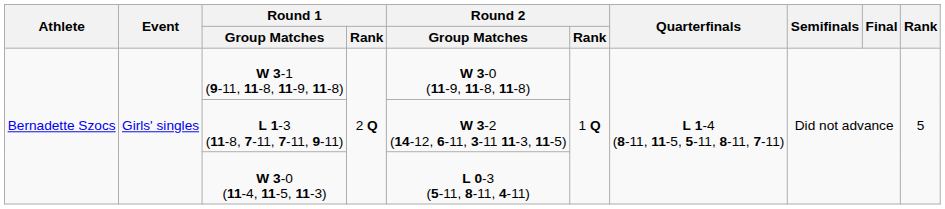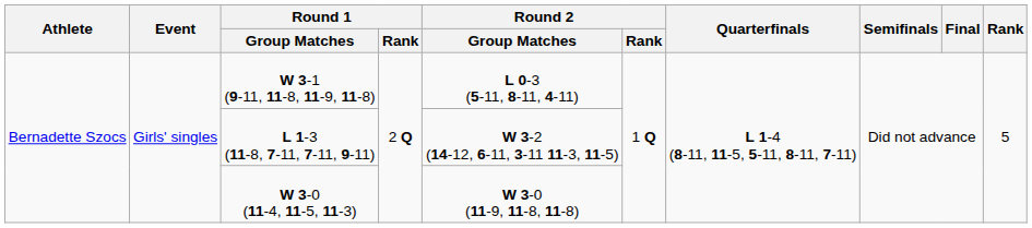 <table class="wikitable" border="1" style="font-size:90%">
 <tr>
 <th rowspan=2>Athlete</th>
 <th rowspan=2>Event</th>
 <th colspan=2>Round 1</th>
 <th colspan=2>Round 2</th>
 <th rowspan=2>Quarterfinals</th>
 <th rowspan=2>Semifinals</th>
 <th rowspan=2>Final</th>
 <th rowspan=2>Rank</th>
 </tr>
 <tr>
 <th>Group Matches</th>
 <th>Rank</th>
 <th>Group Matches</th>
 <th>Rank</th>
 </tr>
 <tr>
 <td rowspan=3><a href='#'>Bernadette Szocs</a></td>
 <td rowspan=3><a href='#'>Girls' singles</a></td>
 <td align=center> <br> <strong>W</strong> <strong>3</strong>-1 <br> (<strong>9</strong>-11, <strong>11</strong>-8, <strong>11</strong>-9, <strong>11</strong>-8)</td>
 <td rowspan=3 align=center>2 <strong>Q</strong></td>
-<td align=center> <br> <strong>W</strong> <strong>3</strong>-0 <br> (<strong>11</strong>-9, <strong>11</strong>-8, <strong>11</strong>-8)</td>
+<td align=center> <br> <strong>L</strong> <strong>0</strong>-3 <br> (<strong>5</strong>-11, <strong>8</strong>-11, <strong>4</strong>-11)</td>
 <td rowspan=3 align=center>1 <strong>Q</strong></td>
 <td rowspan=3 align=center> <br> <strong>L</strong> <strong>1</strong>-4 <br> (<strong>8</strong>-11, <strong>11</strong>-5, <strong>5</strong>-11, <strong>8</strong>-11, <strong>7</strong>-11)</td>
 <td rowspan=3 colspan=2 align=center>Did not advance</td>
 <td rowspan=3 align=center>5</td>
 </tr>
 <tr>
 <td align=center> <br> <strong>L</strong> <strong>1</strong>-3 <br> (<strong>11</strong>-8, <strong>7</strong>-11, <strong>7</strong>-11, <strong>9</strong>-11)</td>
 <td align=center> <br> <strong>W</strong> <strong>3</strong>-2 <br> (<strong>14</strong>-12, <strong>6</strong>-11, <strong>3</strong>-11 <strong>11</strong>-3, <strong>11</strong>-5)</td>
 </tr>
 <tr>
 <td align=center> <br> <strong>W</strong> <strong>3</strong>-0 <br> (<strong>11</strong>-4, <strong>11</strong>-5, <strong>11</strong>-3)</td>
-<td align=center> <br> <strong>L</strong> <strong>0</strong>-3 <br> (<strong>5</strong>-11, <strong>8</strong>-11, <strong>4</strong>-11)</td>
+<td align=center> <br> <strong>W</strong> <strong>3</strong>-0 <br> (<strong>11</strong>-9, <strong>11</strong>-8, <strong>11</strong>-8)</td>
 </tr>
 </table>
